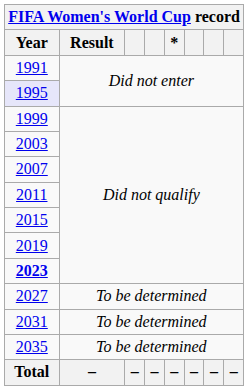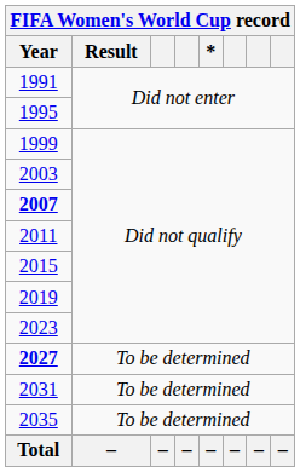 <table class="wikitable" style="text-align: center;">
 <tr>
 <th colspan="8"><a href='#'>FIFA Women's World Cup</a> record</th>
 </tr>
 <tr>
 <th>Year</th>
 <th>Result</th>
 <th></th>
 <th></th>
 <th>*</th>
 <th></th>
 <th></th>
 <th></th>
 </tr>
 <tr>
 <td> <a href='#'>1991</a></td>
 <td rowspan=2 colspan=7><em>Did not enter</em></td>
 </tr>
 <tr>
-<td style="background: lavender;"> <a href='#'>1995</a></td>
+<td> <a href='#'>1995</a></td>
 </tr>
 <tr>
 <td> <a href='#'>1999</a></td>
 <td rowspan=7 colspan=7><em>Did not qualify</em></td>
 </tr>
 <tr>
 <td> <a href='#'>2003</a></td>
 </tr>
 <tr>
-<td> <a href='#'>2007</a></td>
+<td><strong> <a href='#'>2007</a></strong></td>
 </tr>
 <tr>
 <td> <a href='#'>2011</a></td>
 </tr>
 <tr>
 <td> <a href='#'>2015</a></td>
 </tr>
 <tr>
 <td> <a href='#'>2019</a></td>
 </tr>
 <tr>
-<td><strong>  <a href='#'>2023</a></strong></td>
+<td>  <a href='#'>2023</a></td>
 </tr>
 <tr>
-<td> <a href='#'>2027</a></td>
+<td><strong> <a href='#'>2027</a></strong></td>
 <td colspan=7><em>To be determined</em></td>
 </tr>
 <tr>
 <td> <a href='#'>2031</a></td>
 <td colspan=7><em>To be determined</em></td>
 </tr>
 <tr>
 <td> <a href='#'>2035</a></td>
 <td colspan=7><em>To be determined</em></td>
 </tr>
 <tr>
 <th>Total</th>
 <th>–</th>
 <th>–</th>
 <th>–</th>
 <th>–</th>
 <th>–</th>
 <th>–</th>
 <th>–</th>
 </tr>
 </table>
